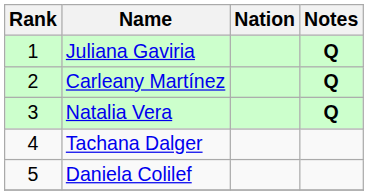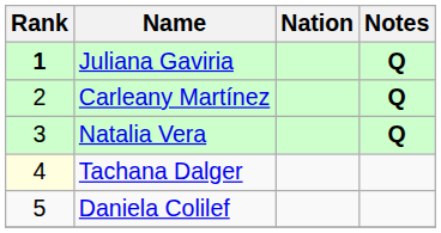 <table class="wikitable" style="text-align:center">
 <tr>
 <th>Rank</th>
 <th>Name</th>
 <th>Nation</th>
 <th>Notes</th>
 </tr>
 <tr bgcolor=ccffcc>
-<td>1</td>
+<td><strong>1</strong></td>
 <td align=left><a href='#'>Juliana Gaviria</a></td>
 <td align=left></td>
 <td><strong>Q</strong></td>
 </tr>
 <tr bgcolor=ccffcc>
 <td>2</td>
 <td align=left><a href='#'>Carleany Martínez</a></td>
 <td align=left></td>
 <td><strong>Q</strong></td>
 </tr>
 <tr bgcolor=ccffcc>
 <td>3</td>
 <td align=left><a href='#'>Natalia Vera</a></td>
 <td align=left></td>
 <td><strong>Q</strong></td>
 </tr>
 <tr>
-<td>4</td>
+<td style="background: lightyellow;">4</td>
 <td align=left><a href='#'>Tachana Dalger</a></td>
 <td align=left></td>
 <td></td>
 </tr>
 <tr>
 <td>5</td>
 <td align=left><a href='#'>Daniela Colilef</a></td>
 <td align=left></td>
 <td></td>
 </tr>
 <tr>
 </tr>
 </table>
